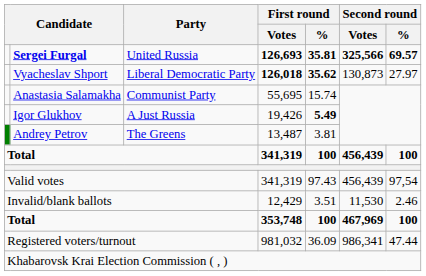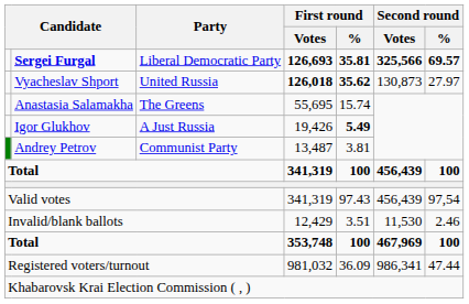 <table class=wikitable style=text-align:right>
 <tr>
 <th colspan=2 rowspan=2>Candidate</th>
 <th rowspan=2>Party</th>
 <th colspan=2>First round</th>
 <th colspan=2>Second round</th>
 </tr>
 <tr>
 <th>Votes</th>
 <th>%</th>
 <th>Votes</th>
 <th>%</th>
 </tr>
 <tr>
 <td style="background-color:"></td>
 <td align=left><strong><a href='#'>Sergei Furgal</a></strong></td>
-<td align=left><a href='#'>United Russia</a></td>
+<td align=left><a href='#'>Liberal Democratic Party</a></td>
 <td><strong>126,693</strong></td>
 <td><strong>35.81</strong></td>
 <td><strong>325,566</strong></td>
 <td><strong>69.57</strong></td>
 </tr>
 <tr>
 <td style="background-color:"></td>
 <td align=left><a href='#'>Vyacheslav Shport</a></td>
-<td align=left><a href='#'>Liberal Democratic Party</a></td>
+<td align=left><a href='#'>United Russia</a></td>
 <td><strong>126,018</strong></td>
 <td><strong>35.62</strong></td>
 <td>130,873</td>
 <td>27.97</td>
 </tr>
 <tr>
 <td style="background-color:"></td>
 <td align=left><a href='#'>Anastasia Salamakha</a></td>
-<td align=left><a href='#'>Communist Party</a></td>
+<td align=left><a href='#'>The Greens</a></td>
 <td>55,695</td>
 <td>15.74</td>
 <td colspan=2 rowspan=3></td>
 </tr>
 <tr>
 <td style="background-color:"></td>
 <td align=left><a href='#'>Igor Glukhov</a></td>
 <td align=left><a href='#'>A Just Russia</a></td>
 <td>19,426</td>
 <td><strong>5.49</strong></td>
 </tr>
 <tr>
 <td style="background-color:green;"></td>
 <td align=left><a href='#'>Andrey Petrov</a></td>
-<td align=left><a href='#'>The Greens</a></td>
+<td align=left><a href='#'>Communist Party</a></td>
 <td>13,487</td>
 <td>3.81</td>
 </tr>
 <tr>
 <td align=left colspan=3><strong>Total</strong></td>
 <td><strong>341,319</strong></td>
 <td><strong>100</strong></td>
 <td><strong>456,439</strong></td>
 <td><strong>100</strong></td>
 </tr>
 <tr>
 <th colspan=7></th>
 </tr>
 <tr>
 <td align=left colspan=3>Valid votes</td>
 <td>341,319</td>
 <td>97.43</td>
 <td>456,439</td>
 <td>97,54</td>
 </tr>
 <tr>
 <td align=left colspan=3>Invalid/blank ballots</td>
 <td>12,429</td>
 <td>3.51</td>
 <td>11,530</td>
 <td>2.46</td>
 </tr>
 <tr>
 <td align=left colspan=3><strong>Total</strong></td>
 <td><strong>353,748</strong></td>
 <td><strong>100</strong></td>
 <td><strong>467,969</strong></td>
 <td><strong>100</strong></td>
 </tr>
 <tr>
 <td align=left colspan=3>Registered voters/turnout</td>
 <td>981,032</td>
 <td>36.09</td>
 <td>986,341</td>
 <td>47.44</td>
 </tr>
 <tr>
 <td align=left colspan=7>Khabarovsk Krai Election Commission ( ,  )</td>
 </tr>
 </table>
